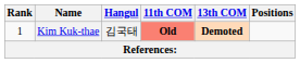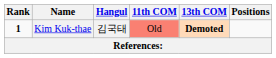 <table class="wikitable sortable">
 <tr>
 <th>Rank</th>
 <th>Name</th>
 <th class="unsortable"><a href='#'>Hangul</a></th>
 <th><a href='#'>11th COM</a></th>
 <th><a href='#'>13th COM</a></th>
 <th>Positions</th>
 </tr>
 <tr>
-<td align="center">1</td>
+<td align="center"><strong>1</strong></td>
 <th align="center" scope="row" style="font-weight:normal;"><a href='#'>Kim Kuk-thae</a></th>
 <th align="center" scope="row" style="font-weight:normal;">김국태</th>
-<td style="background: Salmon" align="center"><strong>Old</strong></td>
+<td style="background: Salmon" align="center">Old</td>
 <td style="background: PeachPuff" align="center"><strong>Demoted</strong></td>
 <td></td>
 </tr>
 <tr>
 <th colspan="6" unsortable><strong>References:</strong><br></th>
 </tr>
 </table>
